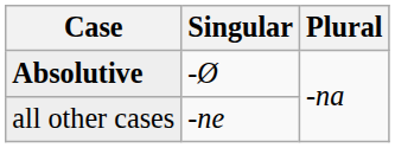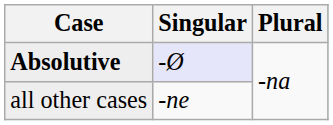 <table class="wikitable">
 <tr>
 <th>Case</th>
 <th>Singular</th>
 <th>Plural</th>
 </tr>
 <tr>
 <td style="background:#eee;"><strong>Absolutive</strong></td>
-<td><em>-Ø</em></td>
+<td style="background: lavender;"><em>-Ø</em></td>
 <td rowspan="2" style="vertical-align:middle;"><em>-na</em></td>
 </tr>
 <tr>
 <td style="background:#eee;">all other cases</td>
 <td><em>-ne</em></td>
 </tr>
 </table>
